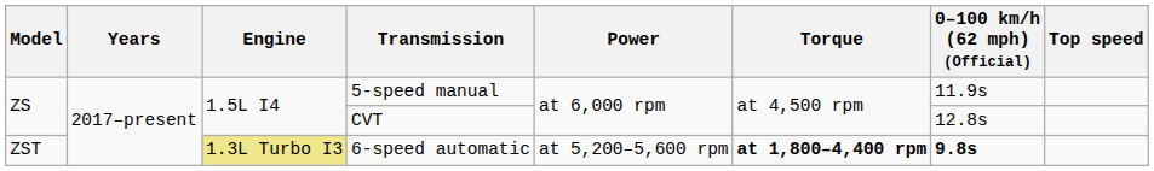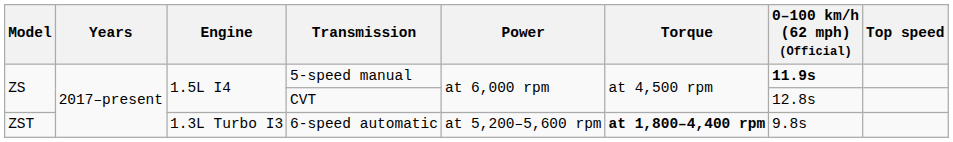 <table class="wikitable collapsible" style="text-align:left; font-size:90%;">
 <tr>
 <th>Model</th>
 <th>Years</th>
 <th>Engine</th>
 <th>Transmission</th>
 <th>Power</th>
 <th>Torque</th>
 <th>0–100 km/h<br>(62 mph)<br><small>(Official)</small></th>
 <th>Top speed</th>
 </tr>
 <tr>
 <td rowspan="2">ZS</td>
 <td rowspan="4">2017–present</td>
 <td rowspan="2">1.5L I4</td>
 <td>5-speed manual</td>
 <td rowspan="2"> at 6,000 rpm</td>
 <td rowspan="2"> at 4,500 rpm</td>
-<td>11.9s</td>
+<td><strong>11.9s</strong></td>
 <td></td>
 </tr>
 <tr>
 <td>CVT</td>
 <td>12.8s</td>
 <td></td>
 </tr>
 <tr>
 <td>ZST</td>
-<td style="background: khaki;">1.3L Turbo I3</td>
+<td>1.3L Turbo I3</td>
 <td>6-speed automatic</td>
 <td> at 5,200–5,600 rpm</td>
 <td><strong> at 1,800–4,400 rpm</strong></td>
-<td><strong>9.8s</strong></td>
+<td>9.8s</td>
 <td></td>
 </tr>
 </table>
